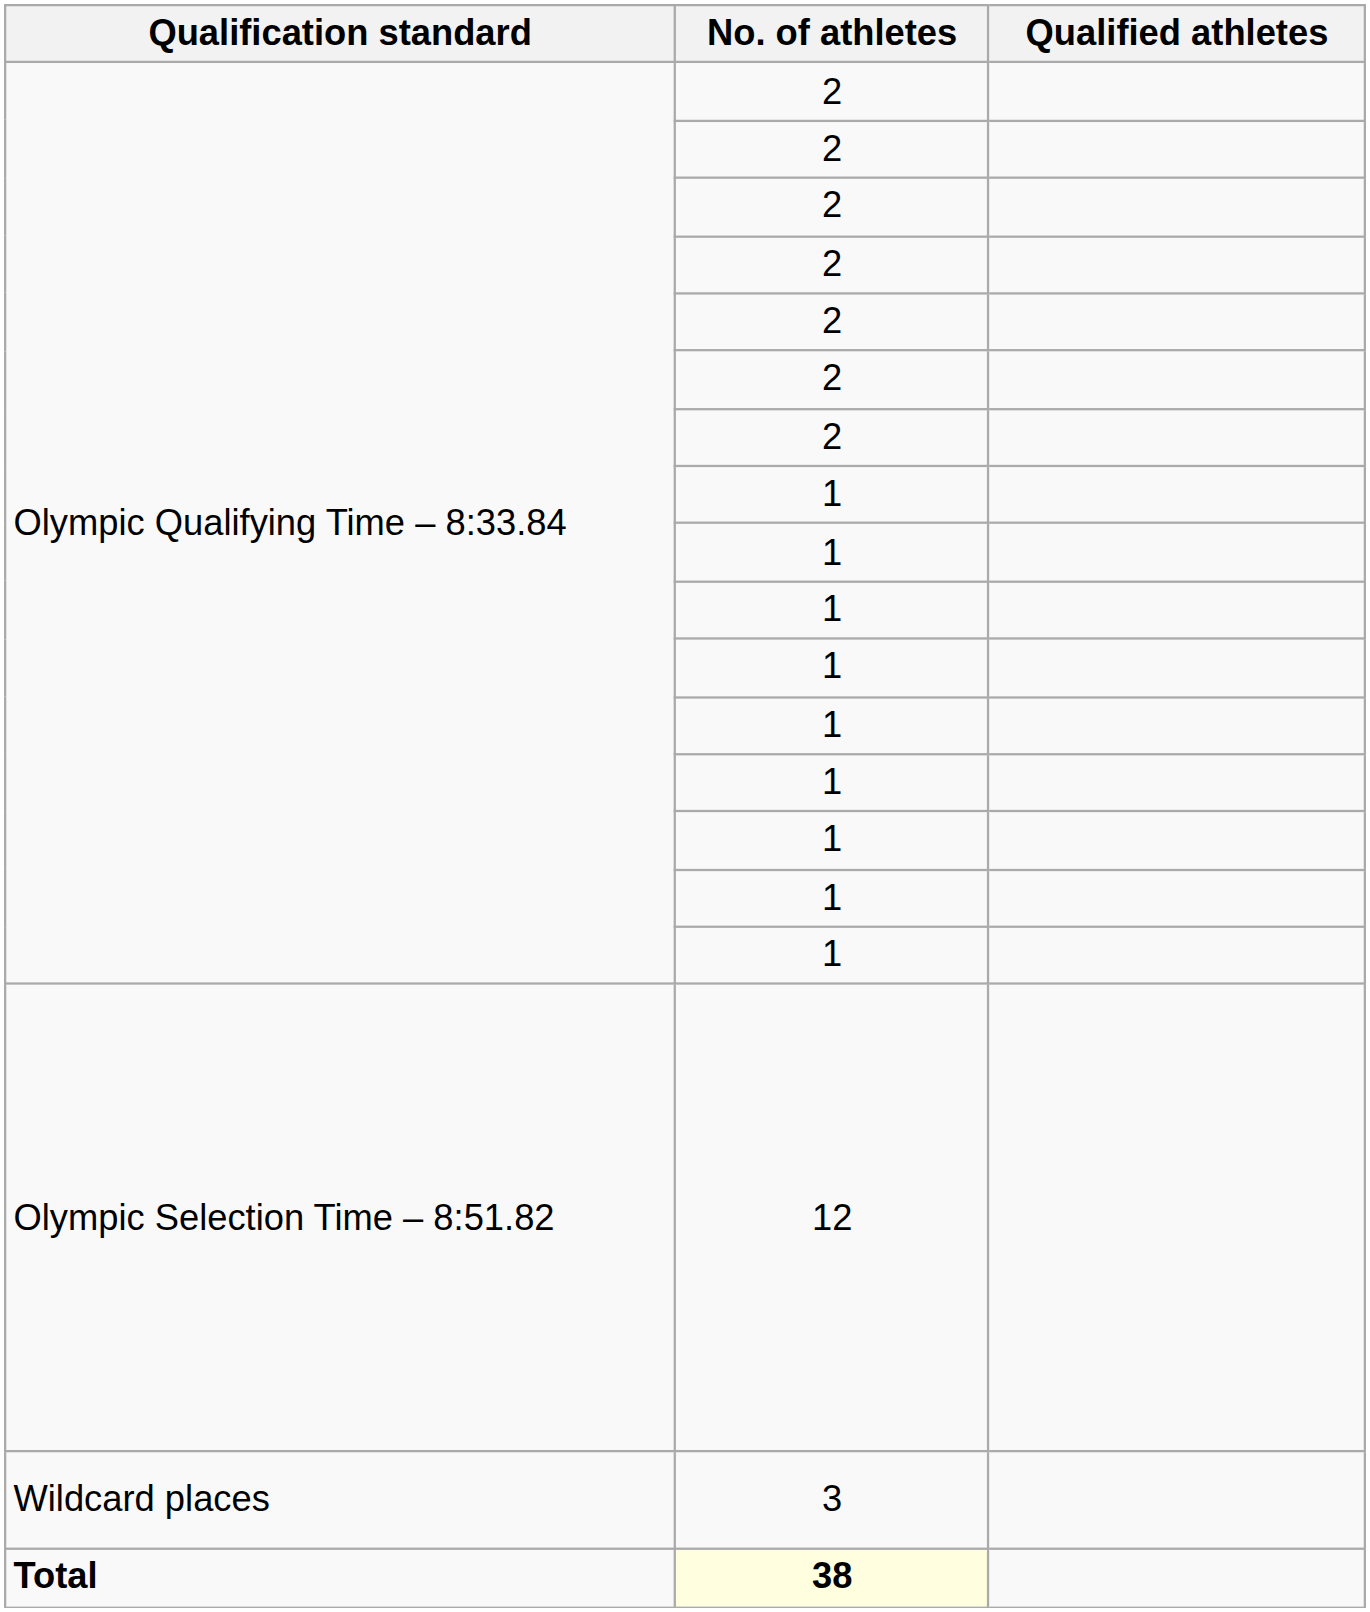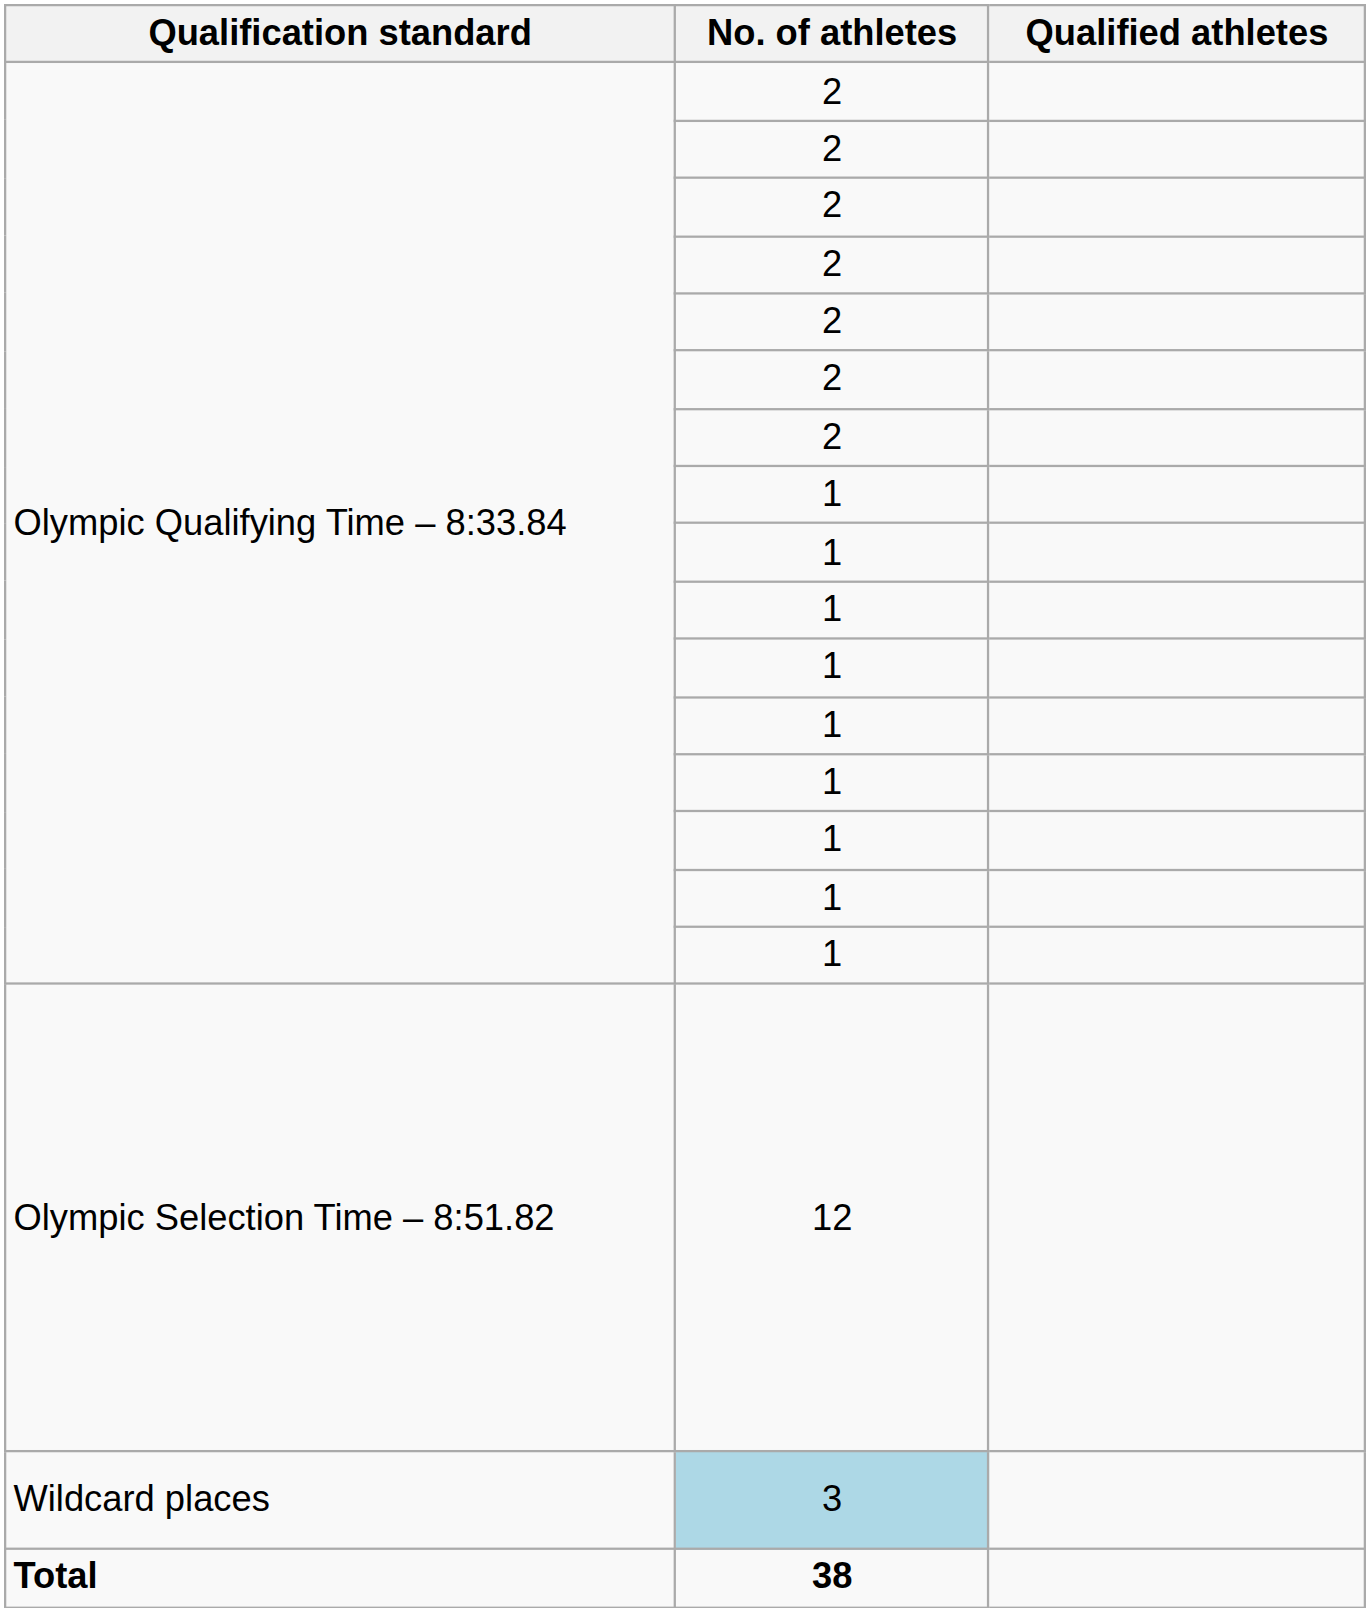 <table class=wikitable style="text-align:left" width=600>
 <tr>
 <th>Qualification standard</th>
 <th>No. of athletes</th>
 <th>Qualified athletes</th>
 </tr>
 <tr>
 <td rowspan="16">Olympic Qualifying Time – 8:33.84</td>
 <td align=center>2</td>
 <td><br></td>
 </tr>
 <tr>
 <td align=center>2</td>
 <td><br></td>
 </tr>
 <tr>
 <td align=center>2</td>
 <td> <br></td>
 </tr>
 <tr>
 <td align=center>2</td>
 <td><br></td>
 </tr>
 <tr>
 <td align=center>2</td>
 <td><br></td>
 </tr>
 <tr>
 <td align=center>2</td>
 <td><br></td>
 </tr>
 <tr>
 <td align=center>2</td>
 <td><br></td>
 </tr>
 <tr>
 <td align=center>1</td>
 <td></td>
 </tr>
 <tr>
 <td align=center>1</td>
 <td></td>
 </tr>
 <tr>
 <td align=center>1</td>
 <td></td>
 </tr>
 <tr>
 <td align=center>1</td>
 <td></td>
 </tr>
 <tr>
 <td align=center>1</td>
 <td></td>
 </tr>
 <tr>
 <td align=center>1</td>
 <td></td>
 </tr>
 <tr>
 <td align=center>1</td>
 <td></td>
 </tr>
 <tr>
 <td align=center>1</td>
 <td></td>
 </tr>
 <tr>
 <td align=center>1</td>
 <td></td>
 </tr>
 <tr>
 <td rowspan="1">Olympic Selection Time – 8:51.82</td>
 <td align=center>12</td>
 <td> <br>  <br>   <br> <br>  <br>  <br>  <br>  <br>  <br> <br><br> </td>
 </tr>
 <tr>
 <td rowspan="1">Wildcard places</td>
-<td align=center>3</td>
+<td align=center style="background: lightblue;">3</td>
 <td><br><br></td>
 </tr>
 <tr>
 <td><strong>Total</strong></td>
-<td align=center style="background: lightyellow;"><strong>38</strong></td>
+<td align=center><strong>38</strong></td>
 <td></td>
 </tr>
 </table>
